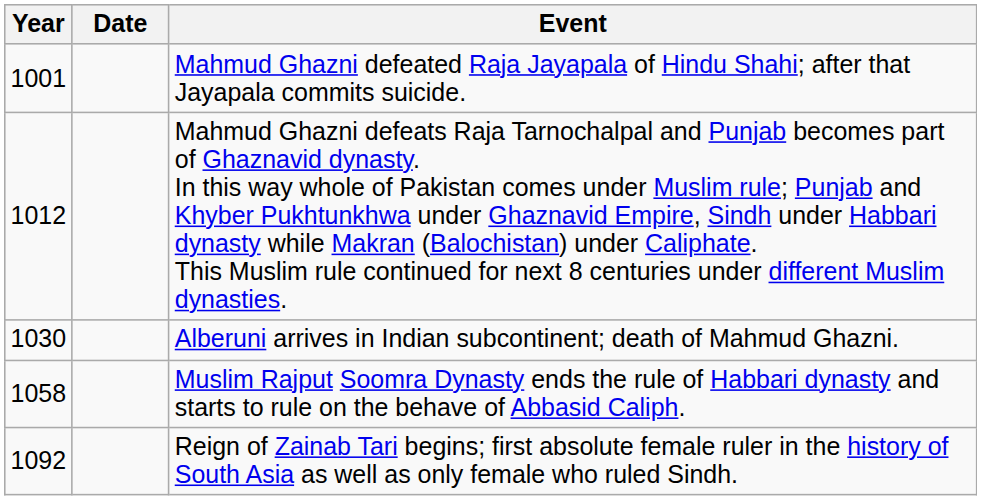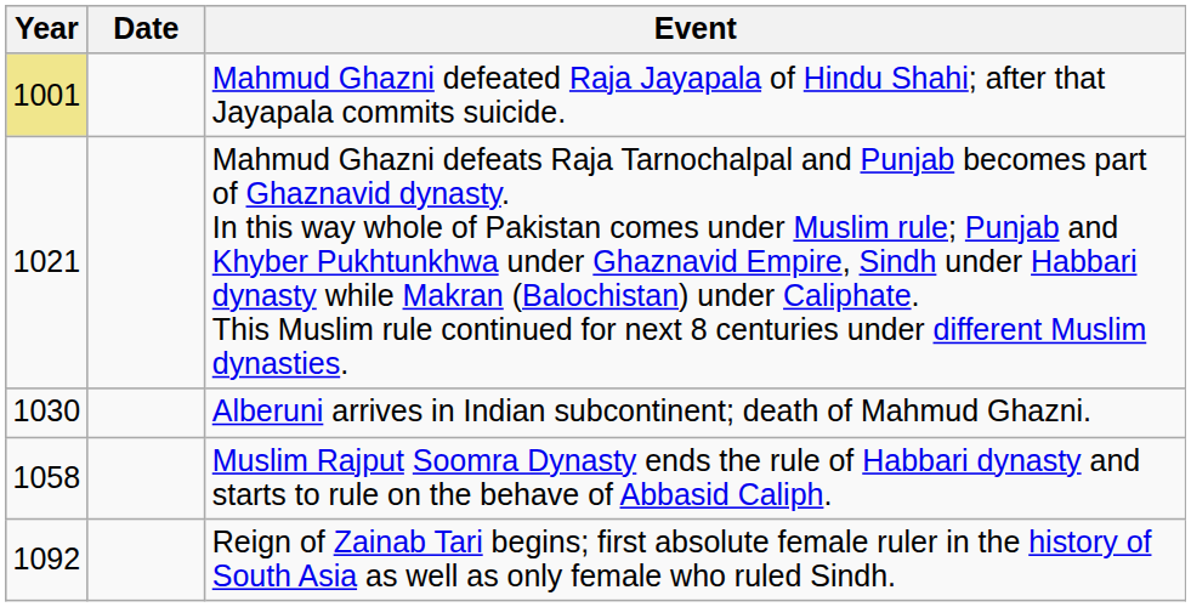 <table class="wikitable" style="width:100%">
 <tr>
 <th style="width:6%">Year</th>
 <th style="width:10%">Date</th>
 <th>Event</th>
 </tr>
 <tr>
-<td>1001</td>
+<td style="background: khaki;">1001</td>
 <td></td>
 <td><a href='#'>Mahmud Ghazni</a> defeated <a href='#'>Raja Jayapala</a> of <a href='#'>Hindu Shahi</a>; after that Jayapala commits suicide.</td>
 </tr>
 <tr>
-<td>1012</td>
+<td>1021</td>
 <td></td>
 <td>Mahmud Ghazni defeats Raja Tarnochalpal and <a href='#'>Punjab</a> becomes part of <a href='#'>Ghaznavid dynasty</a>.<br>In this way whole of Pakistan comes under <a href='#'>Muslim rule</a>; <a href='#'>Punjab</a> and <a href='#'>Khyber Pukhtunkhwa</a> under <a href='#'>Ghaznavid Empire</a>, <a href='#'>Sindh</a> under <a href='#'>Habbari dynasty</a> while <a href='#'>Makran</a> (<a href='#'>Balochistan</a>) under <a href='#'>Caliphate</a>.<br>This Muslim rule continued for next 8 centuries under <a href='#'>different Muslim dynasties</a>.</td>
 </tr>
 <tr>
 <td>1030</td>
 <td></td>
 <td><a href='#'>Alberuni</a> arrives in Indian subcontinent; death of Mahmud Ghazni.</td>
 </tr>
 <tr>
 <td>1058</td>
 <td></td>
 <td><a href='#'>Muslim Rajput</a> <a href='#'>Soomra Dynasty</a> ends the rule of <a href='#'>Habbari dynasty</a> and starts to rule on the behave of <a href='#'>Abbasid Caliph</a>.</td>
 </tr>
 <tr>
 <td>1092</td>
 <td></td>
 <td>Reign of <a href='#'>Zainab Tari</a> begins; first absolute female ruler in the <a href='#'>history of South Asia</a> as well as only female who ruled Sindh.</td>
 </tr>
 </table>
